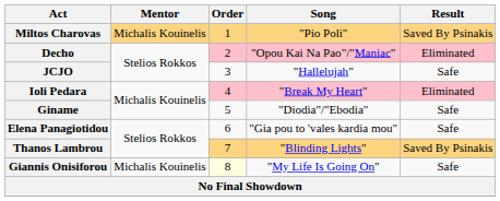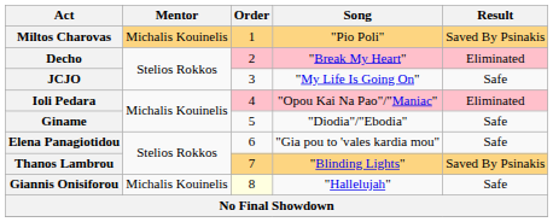 <table class="wikitable plainrowheaders" style="text-align:center;">
 <tr>
 <th scope="col">Act</th>
 <th scope="col">Mentor</th>
 <th scope="col">Order</th>
 <th scope="col">Song</th>
 <th scope="col">Result</th>
 </tr>
 <tr>
 <th scope="row">Miltos Charovas</th>
 <td style="background:#fdd581">Michalis Kouinelis</td>
 <td style="background:#fdd581">1</td>
 <td style="background:#fdd581">"Pio Poli"</td>
 <td style="background:#fdd581">Saved By Psinakis</td>
 </tr>
 <tr>
 <th scope="row">Decho</th>
 <td rowspan="2">Stelios Rokkos</td>
 <td style="background:pink">2</td>
-<td style="background:pink">"Opou Kai Na Pao"/"<a href='#'>Maniac</a>"</td>
+<td style="background:pink">"<a href='#'>Break My Heart</a>"</td>
 <td style="background:pink">Eliminated</td>
 </tr>
 <tr>
 <th scope="row">JCJO</th>
 <td>3</td>
-<td>"<a href='#'>Hallelujah</a>"</td>
+<td>"<a href='#'>My Life Is Going On</a>"</td>
 <td>Safe</td>
 </tr>
 <tr>
 <th scope="row">Ioli Pedara</th>
 <td rowspan="2">Michalis Kouinelis</td>
 <td style="background:pink">4</td>
-<td style="background:pink">"<a href='#'>Break My Heart</a>"</td>
+<td style="background:pink">"Opou Kai Na Pao"/"<a href='#'>Maniac</a>"</td>
 <td style="background:pink">Eliminated</td>
 </tr>
 <tr>
 <th scope="row">Giname</th>
 <td>5</td>
 <td>"Diodia"/"Ebodia"</td>
 <td>Safe</td>
 </tr>
 <tr>
 <th scope="row">Elena Panagiotidou</th>
 <td rowspan="2">Stelios Rokkos</td>
 <td>6</td>
 <td>"Gia pou to 'vales kardia mou"</td>
 <td>Safe</td>
 </tr>
 <tr>
 <th scope="row">Thanos Lambrou</th>
 <td style="background:#fdd581">7</td>
 <td style="background:#fdd581">"<a href='#'>Blinding Lights</a>"</td>
 <td style="background:#fdd581">Saved By Psinakis</td>
 </tr>
 <tr>
 <th scope="row">Giannis Onisiforou</th>
 <td>Michalis Kouinelis</td>
 <td style="background: lightyellow;">8</td>
-<td>"<a href='#'>My Life Is Going On</a>"</td>
+<td>"<a href='#'>Hallelujah</a>"</td>
 <td>Safe</td>
 </tr>
 <tr>
 <th colspan="5">No Final Showdown</th>
 </tr>
 <tr>
 </tr>
 </table>
